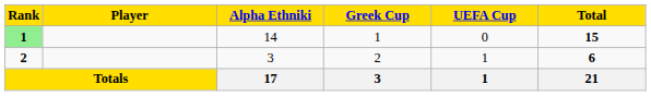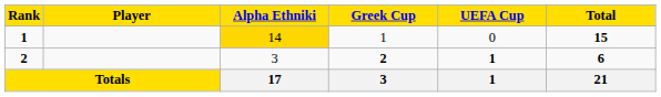 <table class="wikitable sortable" style="text-align:center">
 <tr>
 <th style="background:#FFDE00">Rank</th>
 <th width=200 style="background:#FFDE00">Player</th>
 <th width=120 style="background:#FFDE00"><a href='#'>Alpha Ethniki</a></th>
 <th width=120 style="background:#FFDE00"><a href='#'>Greek Cup</a></th>
 <th width=120 style="background:#FFDE00"><a href='#'>UEFA Cup</a></th>
 <th width=120 style="background:#FFDE00">Total</th>
 </tr>
 <tr>
-<td style="background: lightgreen;"><strong>1</strong></td>
+<td><strong>1</strong></td>
 <td align=left></td>
-<td>14</td>
+<td style="background: gold;">14</td>
 <td>1</td>
 <td>0</td>
 <td><strong>15</strong></td>
 </tr>
 <tr>
 <td><strong>2</strong></td>
 <td align=left></td>
 <td>3</td>
-<td>2</td>
-<td>1</td>
+<td><strong>2</strong></td>
+<td><strong>1</strong></td>
 <td><strong>6</strong></td>
 </tr>
 <tr class="sortbottom">
 <th colspan=2 style="background:#FFDE00"><strong>Totals</strong></th>
 <th><strong>17</strong></th>
 <th><strong> 3</strong></th>
 <th><strong> 1</strong></th>
 <th><strong>21</strong></th>
 </tr>
 </table>
